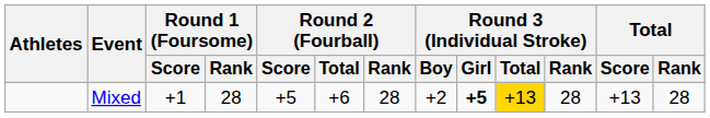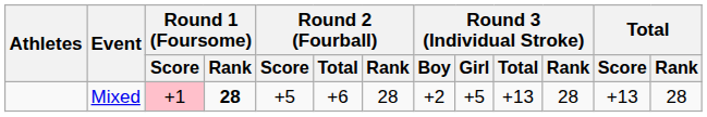 <table class="wikitable" style="font-size:90%">
 <tr>
 <th rowspan="2">Athletes</th>
 <th rowspan="2">Event</th>
 <th colspan="2">Round 1<br>(Foursome)</th>
 <th colspan="3">Round 2<br>(Fourball)</th>
 <th colspan="4">Round 3<br>(Individual Stroke)</th>
 <th colspan="2">Total</th>
 </tr>
 <tr style="font-size:95%">
 <th>Score</th>
 <th>Rank</th>
 <th>Score</th>
 <th>Total</th>
 <th>Rank</th>
 <th>Boy</th>
 <th>Girl</th>
 <th>Total</th>
 <th>Rank</th>
 <th>Score</th>
 <th>Rank</th>
 </tr>
 <tr align=center>
 <td align=left><br></td>
 <td align=left><a href='#'>Mixed</a></td>
-<td>+1</td>
-<td>28</td>
+<td style="background: pink;">+1</td>
+<td><strong>28</strong></td>
 <td>+5</td>
 <td>+6</td>
 <td>28</td>
 <td>+2</td>
-<td><strong>+5</strong></td>
-<td style="background: gold;">+13</td>
+<td>+5</td>
+<td>+13</td>
 <td>28</td>
 <td>+13</td>
 <td>28</td>
 </tr>
 </table>
